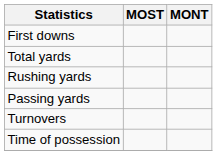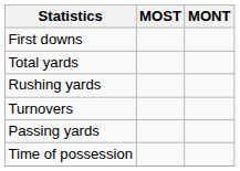 <table class="wikitable" style="float: left;">
 <tr>
 <th>Statistics</th>
 <th>MOST</th>
 <th>MONT</th>
 </tr>
 <tr>
 <td>First downs</td>
 <td></td>
 <td></td>
 </tr>
 <tr>
 <td>Total yards</td>
 <td></td>
 <td></td>
 </tr>
 <tr>
 <td>Rushing yards</td>
 <td></td>
 <td></td>
 </tr>
 <tr>
-<td>Passing yards</td>
+<td>Turnovers</td>
 <td></td>
 <td></td>
 </tr>
 <tr>
-<td>Turnovers</td>
+<td>Passing yards</td>
 <td></td>
 <td></td>
 </tr>
 <tr>
 <td>Time of possession</td>
 <td></td>
 <td></td>
 </tr>
 <tr>
 </tr>
 </table>
